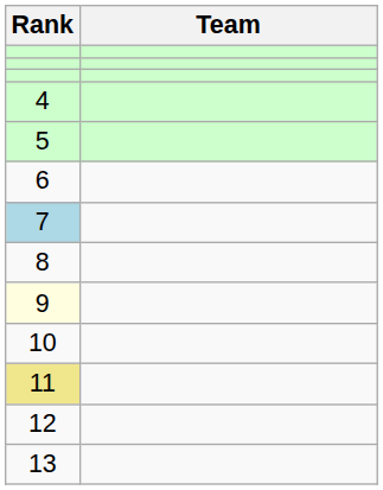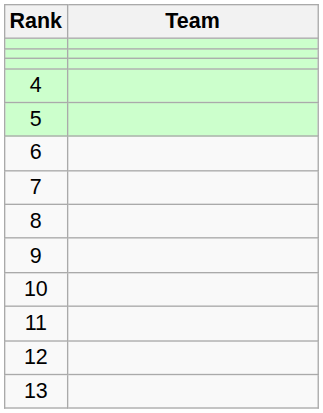 <table class=wikitable style="text-align:center;">
 <tr>
 <th>Rank</th>
 <th width=180>Team</th>
 </tr>
 <tr bgcolor=#CCFFCC>
 <td></td>
 <td align=left></td>
 </tr>
 <tr bgcolor=ccffcc>
 <td></td>
 <td align=left></td>
 </tr>
 <tr bgcolor=ccffcc>
 <td></td>
 <td align=left></td>
 </tr>
 <tr bgcolor=ccffcc>
 <td>4</td>
 <td align=left></td>
 </tr>
 <tr bgcolor=ccffcc>
 <td>5</td>
 <td align=left></td>
 </tr>
 <tr>
 <td>6</td>
 <td align=left></td>
 </tr>
 <tr>
-<td style="background: lightblue;">7</td>
+<td>7</td>
 <td align=left></td>
 </tr>
 <tr>
 <td>8</td>
 <td align=left></td>
 </tr>
 <tr>
-<td style="background: lightyellow;">9</td>
+<td>9</td>
 <td align=left></td>
 </tr>
 <tr>
 <td>10</td>
 <td align=left></td>
 </tr>
 <tr>
-<td style="background: khaki;">11</td>
+<td>11</td>
 <td align=left></td>
 </tr>
 <tr>
 <td>12</td>
 <td align=left></td>
 </tr>
 <tr>
 <td>13</td>
 <td align=left></td>
 </tr>
 </table>
